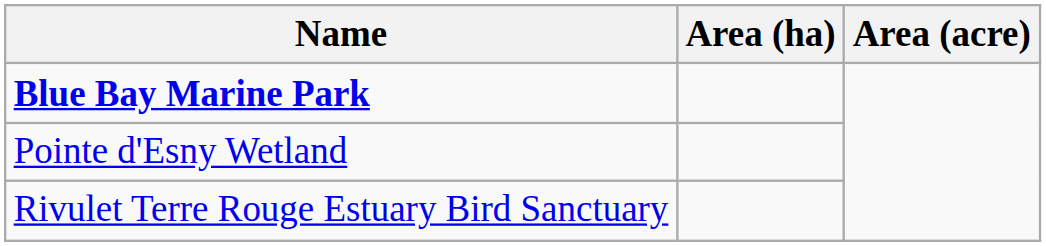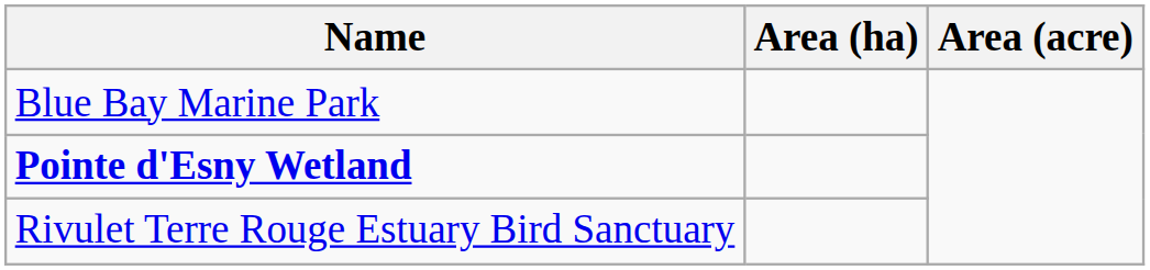 <table class="wikitable sortable">
 <tr>
 <th scope="col" align=left>Name</th>
 <th scope="col">Area (ha)</th>
 <th scope="col">Area (acre)</th>
 </tr>
 <tr ---->
-<td><strong><a href='#'>Blue Bay Marine Park</a></strong></td>
+<td><a href='#'>Blue Bay Marine Park</a></td>
 <td></td>
 </tr>
 <tr ---->
-<td><a href='#'>Pointe d'Esny Wetland</a></td>
+<td><strong><a href='#'>Pointe d'Esny Wetland</a></strong></td>
 <td></td>
 </tr>
 <tr ---->
 <td><a href='#'>Rivulet Terre Rouge Estuary Bird Sanctuary</a></td>
 <td></td>
 </tr>
 </table>
